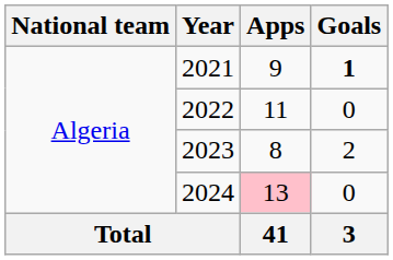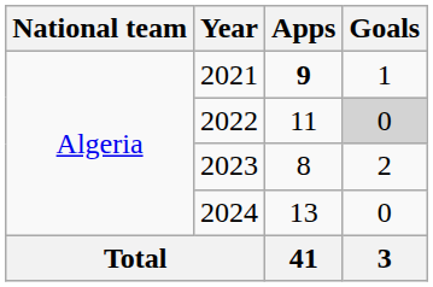 <table class="wikitable" style="text-align:center">
 <tr>
 <th>National team</th>
 <th>Year</th>
 <th>Apps</th>
 <th>Goals</th>
 </tr>
 <tr>
 <td rowspan="4"><a href='#'>Algeria</a></td>
 <td>2021</td>
-<td>9</td>
-<td><strong>1</strong></td>
+<td><strong>9</strong></td>
+<td>1</td>
 </tr>
 <tr>
 <td>2022</td>
 <td>11</td>
-<td>0</td>
+<td style="background: lightgrey;">0</td>
 </tr>
 <tr>
 <td>2023</td>
 <td>8</td>
 <td>2</td>
 </tr>
 <tr>
 <td>2024</td>
-<td style="background: pink;">13</td>
+<td>13</td>
 <td>0</td>
 </tr>
 <tr>
 <th colspan="2">Total</th>
 <th>41</th>
 <th>3</th>
 </tr>
 </table>
